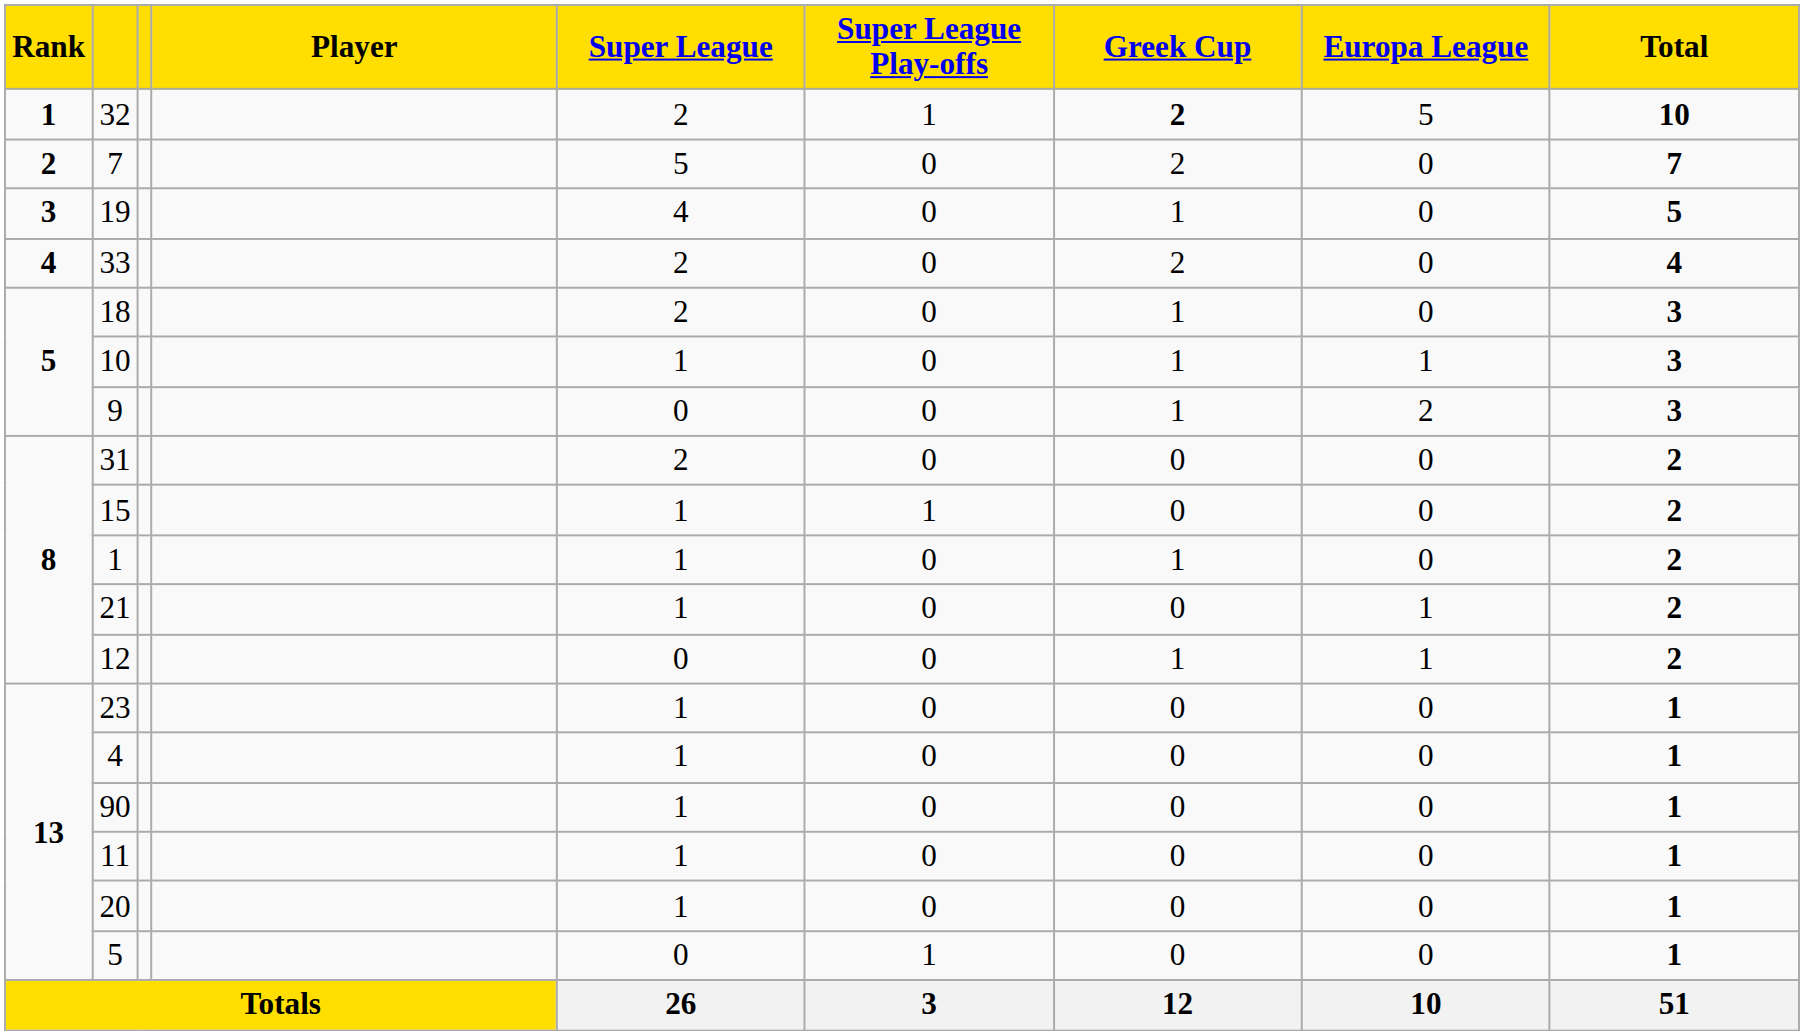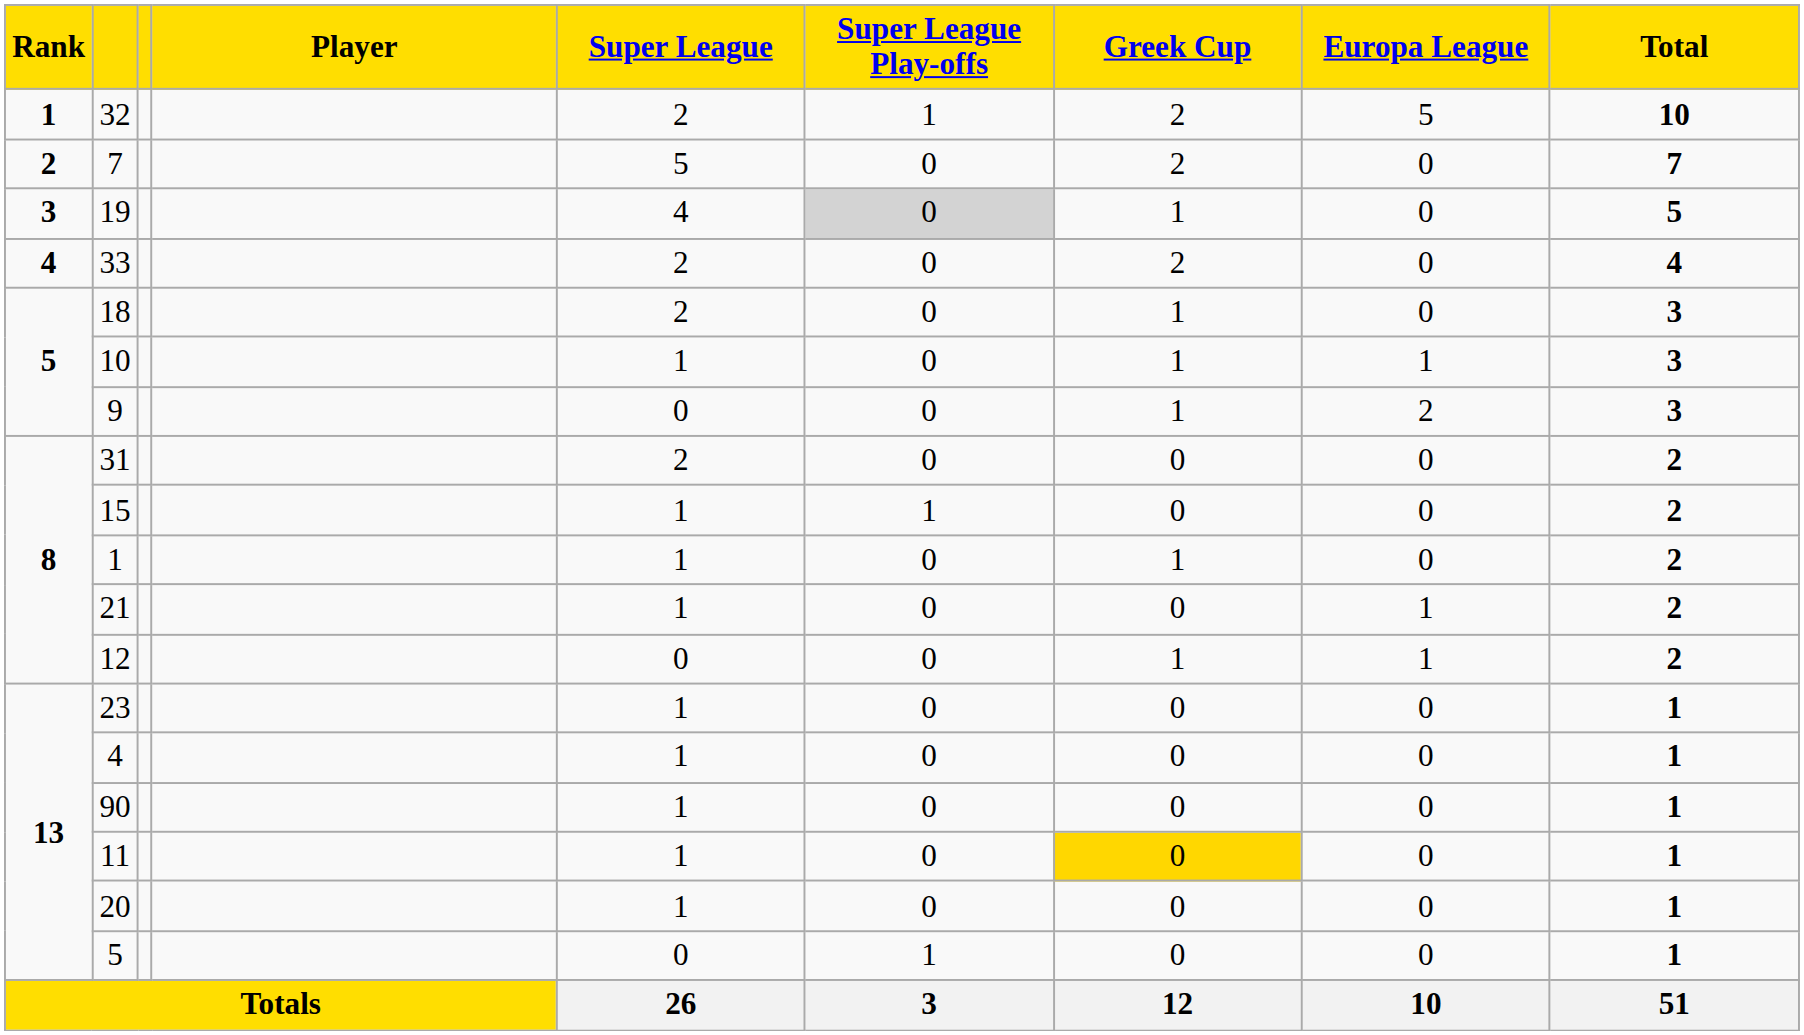 <table class="wikitable sortable" style="text-align: center">
 <tr>
 <th style="background:#FFDE00">Rank</th>
 <th style="background:#FFDE00"></th>
 <th style="background:#FFDE00"></th>
 <th width=200 style="background:#FFDE00">Player</th>
 <th width=120 style="background:#FFDE00"><a href='#'>Super League</a></th>
 <th width=120 style="background:#FFDE00"><a href='#'>Super League Play-offs</a></th>
 <th width=120 style="background:#FFDE00"><a href='#'>Greek Cup</a></th>
 <th width=120 style="background:#FFDE00"><a href='#'>Europa League</a></th>
 <th width=120 style="background:#FFDE00">Total</th>
 </tr>
 <tr>
 <td><strong>1</strong></td>
 <td>32</td>
 <td></td>
 <td align=left></td>
 <td>2</td>
 <td>1</td>
-<td><strong>2</strong></td>
+<td>2</td>
 <td>5</td>
 <td><strong>10</strong></td>
 </tr>
 <tr>
 <td><strong>2</strong></td>
 <td>7</td>
 <td></td>
 <td align=left></td>
 <td>5</td>
 <td>0</td>
 <td>2</td>
 <td>0</td>
 <td><strong>7</strong></td>
 </tr>
 <tr>
 <td><strong>3</strong></td>
 <td>19</td>
 <td></td>
 <td align=left></td>
 <td>4</td>
-<td>0</td>
+<td style="background: lightgrey;">0</td>
 <td>1</td>
 <td>0</td>
 <td><strong>5</strong></td>
 </tr>
 <tr>
 <td><strong>4</strong></td>
 <td>33</td>
 <td></td>
 <td align=left></td>
 <td>2</td>
 <td>0</td>
 <td>2</td>
 <td>0</td>
 <td><strong>4</strong></td>
 </tr>
 <tr>
 <td rowspan=3><strong>5</strong></td>
 <td>18</td>
 <td></td>
 <td align=left></td>
 <td>2</td>
 <td>0</td>
 <td>1</td>
 <td>0</td>
 <td><strong>3</strong></td>
 </tr>
 <tr>
 <td>10</td>
 <td></td>
 <td align=left></td>
 <td>1</td>
 <td>0</td>
 <td>1</td>
 <td>1</td>
 <td><strong>3</strong></td>
 </tr>
 <tr>
 <td>9</td>
 <td></td>
 <td align=left></td>
 <td>0</td>
 <td>0</td>
 <td>1</td>
 <td>2</td>
 <td><strong>3</strong></td>
 </tr>
 <tr>
 <td rowspan=5><strong>8</strong></td>
 <td>31</td>
 <td></td>
 <td align=left></td>
 <td>2</td>
 <td>0</td>
 <td>0</td>
 <td>0</td>
 <td><strong>2</strong></td>
 </tr>
 <tr>
 <td>15</td>
 <td></td>
 <td align=left></td>
 <td>1</td>
 <td>1</td>
 <td>0</td>
 <td>0</td>
 <td><strong>2</strong></td>
 </tr>
 <tr>
 <td>1</td>
 <td></td>
 <td align=left></td>
 <td>1</td>
 <td>0</td>
 <td>1</td>
 <td>0</td>
 <td><strong>2</strong></td>
 </tr>
 <tr>
 <td>21</td>
 <td></td>
 <td align=left></td>
 <td>1</td>
 <td>0</td>
 <td>0</td>
 <td>1</td>
 <td><strong>2</strong></td>
 </tr>
 <tr>
 <td>12</td>
 <td></td>
 <td align=left></td>
 <td>0</td>
 <td>0</td>
 <td>1</td>
 <td>1</td>
 <td><strong>2</strong></td>
 </tr>
 <tr>
 <td rowspan=6><strong>13</strong></td>
 <td>23</td>
 <td></td>
 <td align=left></td>
 <td>1</td>
 <td>0</td>
 <td>0</td>
 <td>0</td>
 <td><strong>1</strong></td>
 </tr>
 <tr>
 <td>4</td>
 <td></td>
 <td align=left></td>
 <td>1</td>
 <td>0</td>
 <td>0</td>
 <td>0</td>
 <td><strong>1</strong></td>
 </tr>
 <tr>
 <td>90</td>
 <td></td>
 <td align=left></td>
 <td>1</td>
 <td>0</td>
 <td>0</td>
 <td>0</td>
 <td><strong>1</strong></td>
 </tr>
 <tr>
 <td>11</td>
 <td></td>
 <td align=left></td>
 <td>1</td>
 <td>0</td>
-<td>0</td>
+<td style="background: gold;">0</td>
 <td>0</td>
 <td><strong>1</strong></td>
 </tr>
 <tr>
 <td>20</td>
 <td></td>
 <td align=left></td>
 <td>1</td>
 <td>0</td>
 <td>0</td>
 <td>0</td>
 <td><strong>1</strong></td>
 </tr>
 <tr>
 <td>5</td>
 <td></td>
 <td align=left></td>
 <td>0</td>
 <td>1</td>
 <td>0</td>
 <td>0</td>
 <td><strong>1</strong></td>
 </tr>
 <tr class="sortbottom">
 <th colspan=4 style="background:#FFDE00"><strong>Totals</strong></th>
 <th><strong>26</strong></th>
 <th><strong> 3</strong></th>
 <th><strong>12</strong></th>
 <th><strong>10</strong></th>
 <th><strong>51</strong></th>
 </tr>
 </table>
